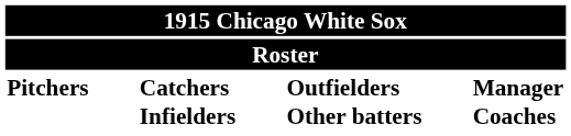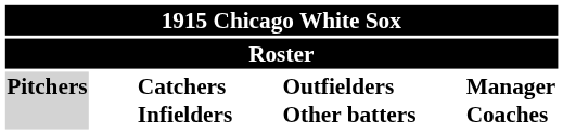 <table class="toccolours" style="font-size: 95%;">
 <tr>
 <th colspan="10" style="background-color: black; color: white; text-align: center;">1915 Chicago White Sox</th>
 </tr>
 <tr>
 <td colspan="10" style="background-color: black; color: white; text-align: center;"><strong>Roster</strong></td>
 </tr>
 <tr>
-<td valign="top"><strong>Pitchers</strong><br>          </td>
+<td valign="top" style="background: lightgrey;"><strong>Pitchers</strong><br>          </td>
 <td width="25px"></td>
 <td valign="top"><strong>Catchers</strong><br>   <strong>Infielders</strong>        </td>
 <td width="25px"></td>
 <td valign="top"><strong>Outfielders</strong><br>       <strong>Other batters</strong>   </td>
 <td width="25px"></td>
 <td valign="top"><strong>Manager</strong><br> <strong>Coaches</strong> </td>
 </tr>
 </table>
